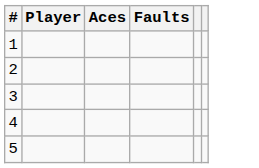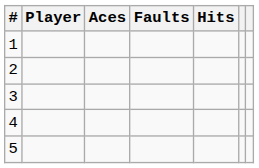 <table class="wikitable sortable" style="text-align:right; display:inline-table; font-size:90%">
 <tr>
 <th>#</th>
 <th>Player</th>
 <th>Aces</th>
 <th>Faults</th>
+<th>Hits</th>
 <th></th>
 <th></th>
 </tr>
 <tr>
 <td align=center>1</td>
 <td></td>
+<td align=center></td>
 <td align=center></td>
 <td align=center></td>
 <td align=center></td>
 <td align=center></td>
 </tr>
 <tr>
 <td align=center>2</td>
 <td></td>
 <td align=center></td>
 <td align=center></td>
 <td align=center></td>
 <td align=center></td>
+<td align=center></td>
 </tr>
 <tr>
 <td align=center>3</td>
 <td></td>
+<td align=center></td>
 <td align=center></td>
 <td align=center></td>
 <td align=center></td>
 <td align=center></td>
 </tr>
 <tr>
 <td align=center>4</td>
 <td></td>
 <td align=center></td>
 <td align=center></td>
 <td align=center></td>
 <td align=center></td>
+<td align=center></td>
 </tr>
 <tr>
 <td align=center>5</td>
 <td></td>
 <td align=center></td>
 <td align=center></td>
 <td align=center></td>
 <td align=center></td>
+<td align=center></td>
 </tr>
 </table>
